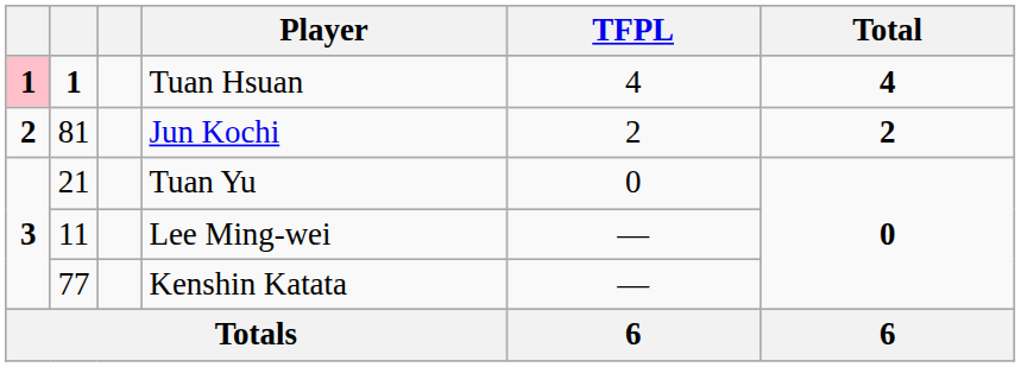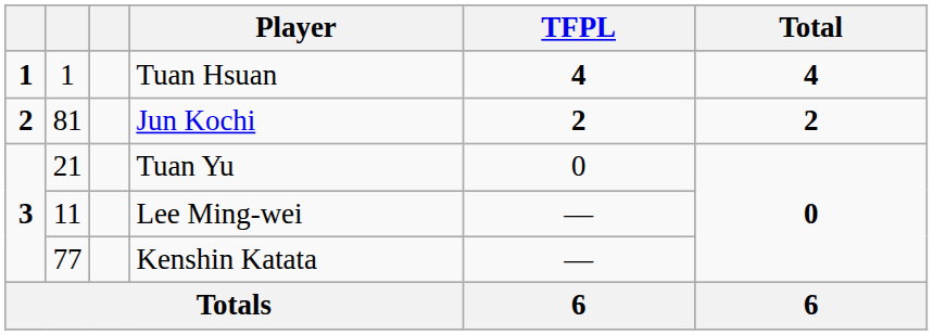 <table class="wikitable" style="text-align:center">
 <tr>
 <th width=15></th>
 <th width=15></th>
 <th width=15></th>
 <th width=175>Player</th>
 <th width=120><a href='#'>TFPL</a></th>
 <th width=120>Total</th>
 </tr>
 <tr>
-<td style="background: pink;"><strong>1</strong></td>
 <td><strong>1</strong></td>
+<td>1</td>
 <td></td>
 <td align=left>Tuan Hsuan</td>
-<td>4</td>
+<td><strong>4</strong></td>
 <td><strong>4</strong></td>
 </tr>
 <tr>
 <td><strong>2</strong></td>
 <td>81</td>
 <td></td>
 <td align=left><a href='#'>Jun Kochi</a></td>
-<td>2</td>
+<td><strong>2</strong></td>
 <td><strong>2</strong></td>
 </tr>
 <tr>
 <td rowspan=3><strong>3</strong></td>
 <td>21</td>
 <td></td>
 <td align=left>Tuan Yu</td>
 <td>0</td>
 <td rowspan=3><strong>0</strong></td>
 </tr>
 <tr>
 <td>11</td>
 <td></td>
 <td align=left>Lee Ming-wei</td>
 <td>—</td>
 </tr>
 <tr>
 <td>77</td>
 <td></td>
 <td align=left>Kenshin Katata</td>
 <td>—</td>
 </tr>
 <tr>
 <th colspan=4><strong>Totals</strong></th>
 <th><strong>6</strong></th>
 <th><strong>6</strong></th>
 </tr>
 </table>
